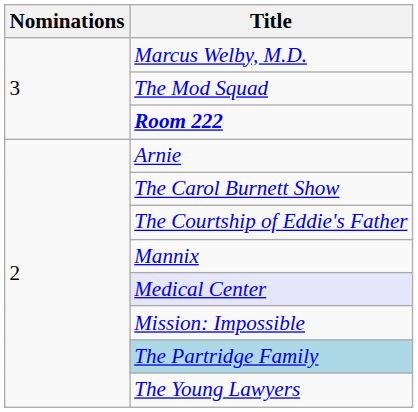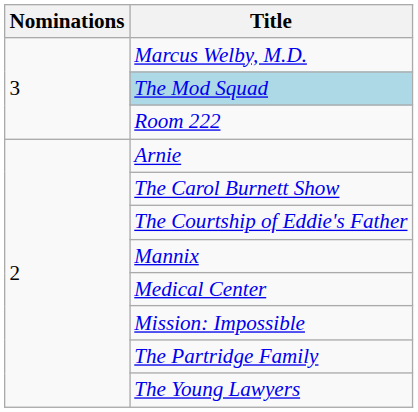 <table class="wikitable">
 <tr>
 <th>Nominations</th>
 <th>Title</th>
 </tr>
 <tr>
 <td rowspan="3">3</td>
 <td><em><a href='#'>Marcus Welby, M.D.</a></em></td>
 </tr>
 <tr>
-<td><em><a href='#'>The Mod Squad</a></em></td>
+<td style="background: lightblue;"><em><a href='#'>The Mod Squad</a></em></td>
 </tr>
 <tr>
-<td><strong><em><a href='#'>Room 222</a></em></strong></td>
+<td><em><a href='#'>Room 222</a></em></td>
 </tr>
 <tr>
 <td rowspan="8">2</td>
 <td><em><a href='#'>Arnie</a></em></td>
 </tr>
 <tr>
 <td><em><a href='#'>The Carol Burnett Show</a></em></td>
 </tr>
 <tr>
 <td><em><a href='#'>The Courtship of Eddie's Father</a></em></td>
 </tr>
 <tr>
 <td><em><a href='#'>Mannix</a></em></td>
 </tr>
 <tr>
-<td style="background: lavender;"><em><a href='#'>Medical Center</a></em></td>
+<td><em><a href='#'>Medical Center</a></em></td>
 </tr>
 <tr>
 <td><em><a href='#'>Mission: Impossible</a></em></td>
 </tr>
 <tr>
-<td style="background: lightblue;"><em><a href='#'>The Partridge Family</a></em></td>
+<td><em><a href='#'>The Partridge Family</a></em></td>
 </tr>
 <tr>
 <td><em><a href='#'>The Young Lawyers</a></em></td>
 </tr>
 </table>
